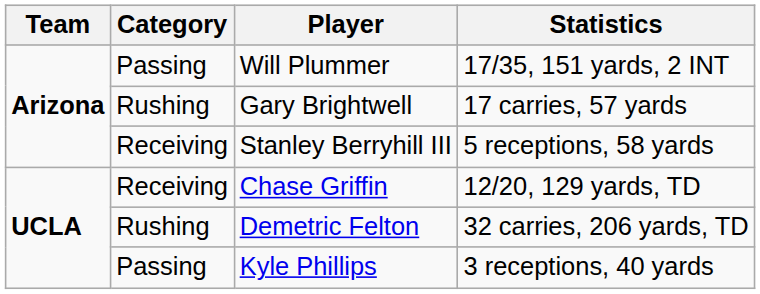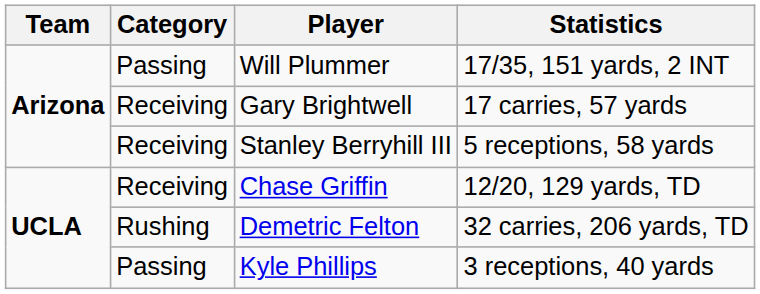 <table class="wikitable" style="float: right;">
 <tr>
 <th>Team</th>
 <th>Category</th>
 <th>Player</th>
 <th>Statistics</th>
 </tr>
 <tr>
 <td rowspan=3><strong>Arizona</strong></td>
 <td>Passing</td>
 <td>Will Plummer</td>
 <td>17/35, 151 yards, 2 INT</td>
 </tr>
 <tr>
-<td>Rushing</td>
+<td>Receiving</td>
 <td>Gary Brightwell</td>
 <td>17 carries, 57 yards</td>
 </tr>
 <tr>
 <td>Receiving</td>
 <td>Stanley Berryhill III</td>
 <td>5 receptions, 58 yards</td>
 </tr>
 <tr>
 <td rowspan=3><strong>UCLA</strong></td>
 <td>Receiving</td>
 <td><a href='#'>Chase Griffin</a></td>
 <td>12/20, 129 yards, TD</td>
 </tr>
 <tr>
 <td>Rushing</td>
 <td><a href='#'>Demetric Felton</a></td>
 <td>32 carries, 206 yards, TD</td>
 </tr>
 <tr>
 <td>Passing</td>
 <td><a href='#'>Kyle Phillips</a></td>
 <td>3 receptions, 40 yards</td>
 </tr>
 </table>
